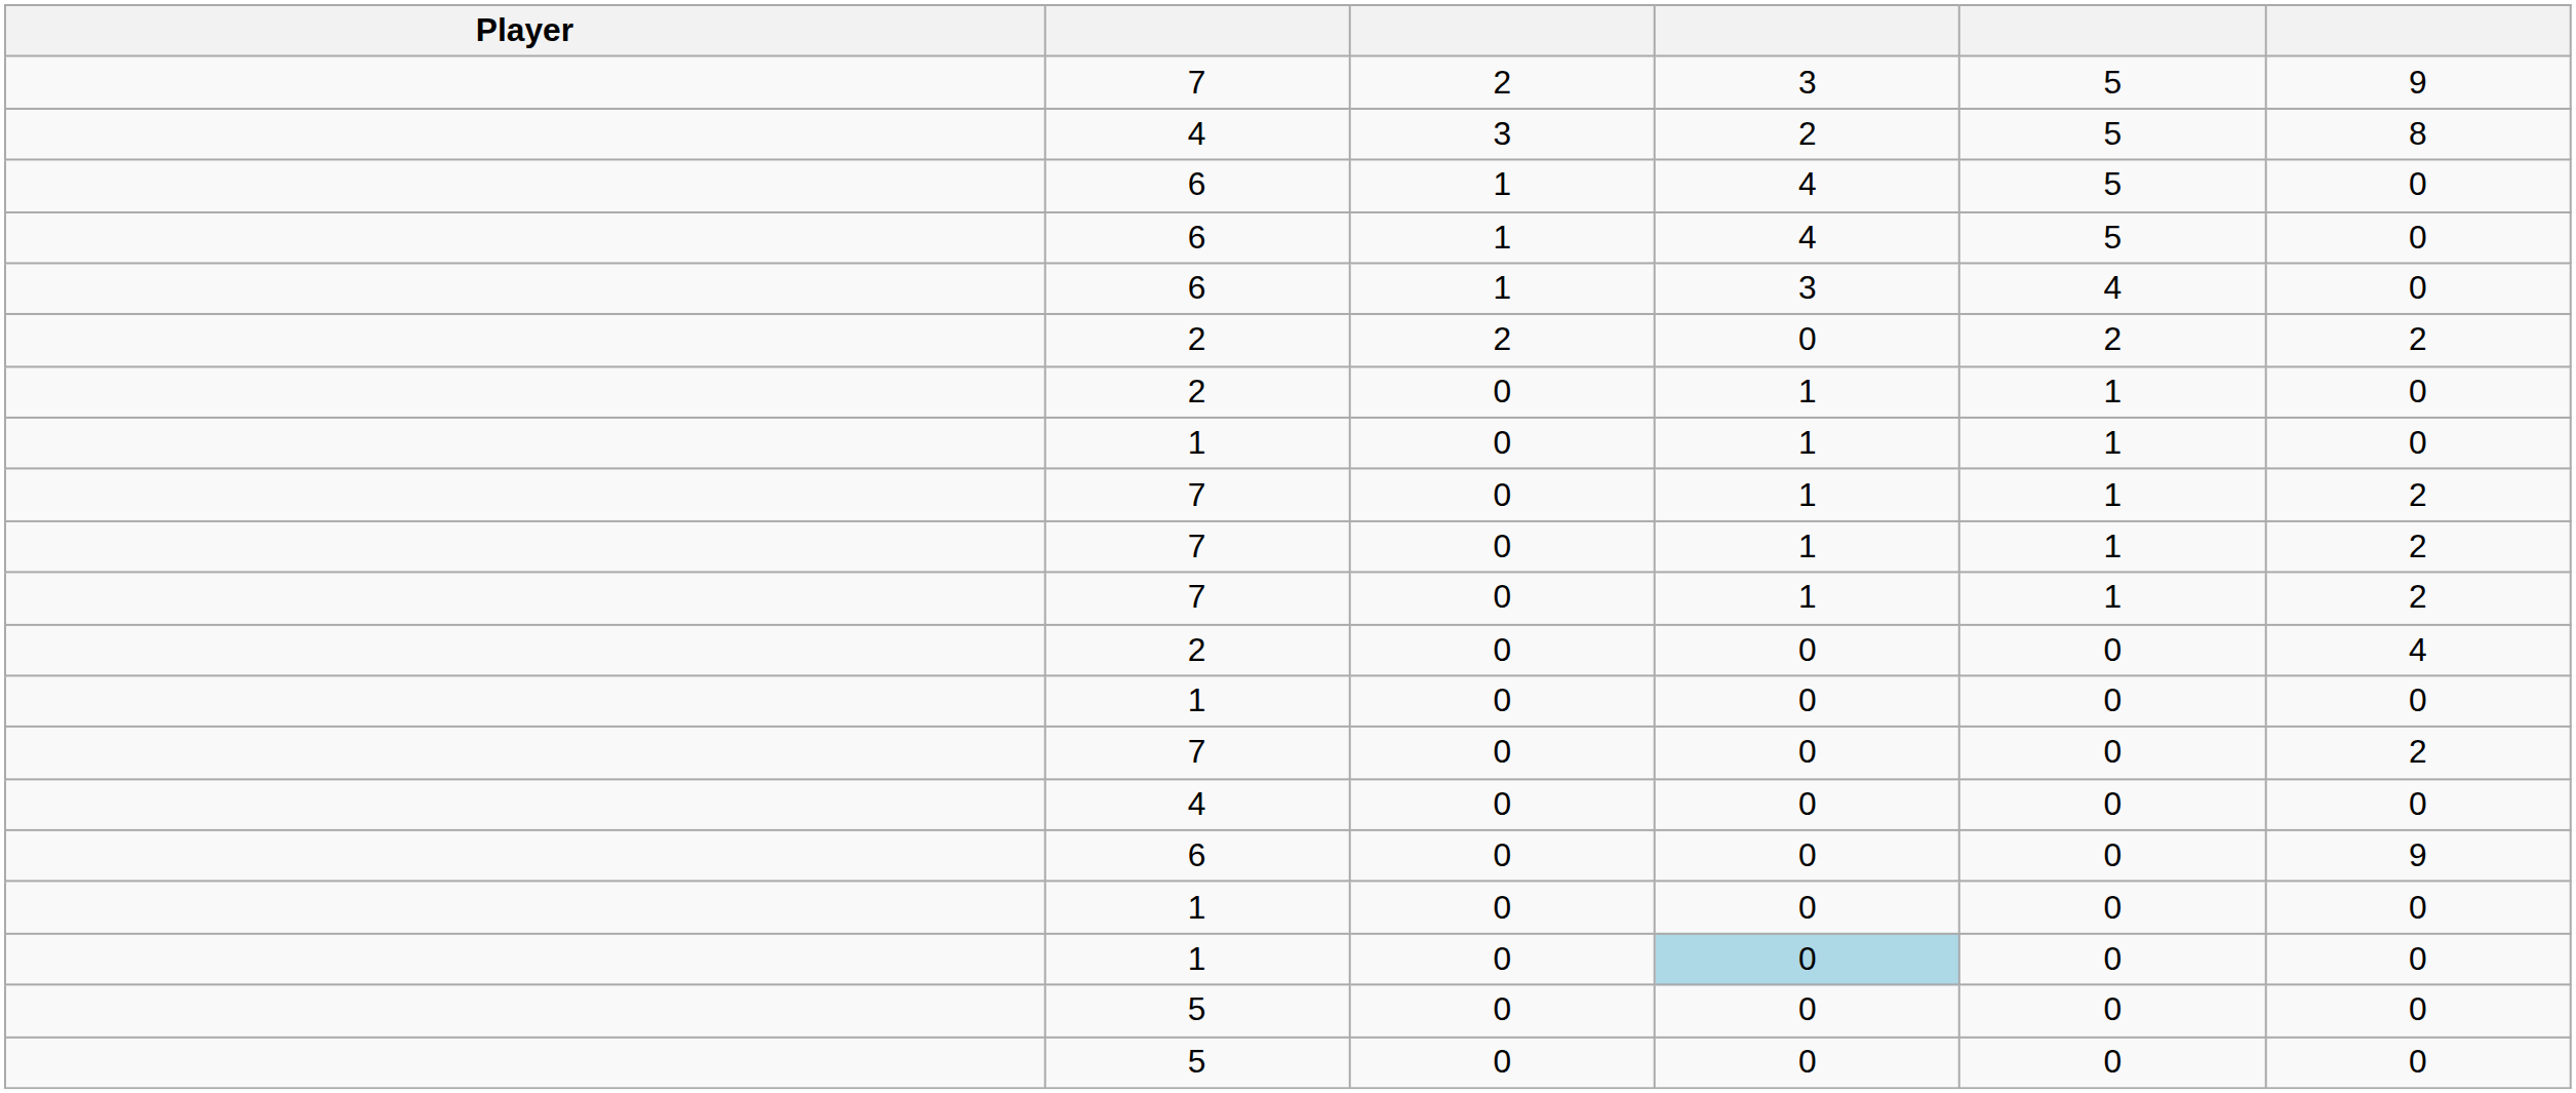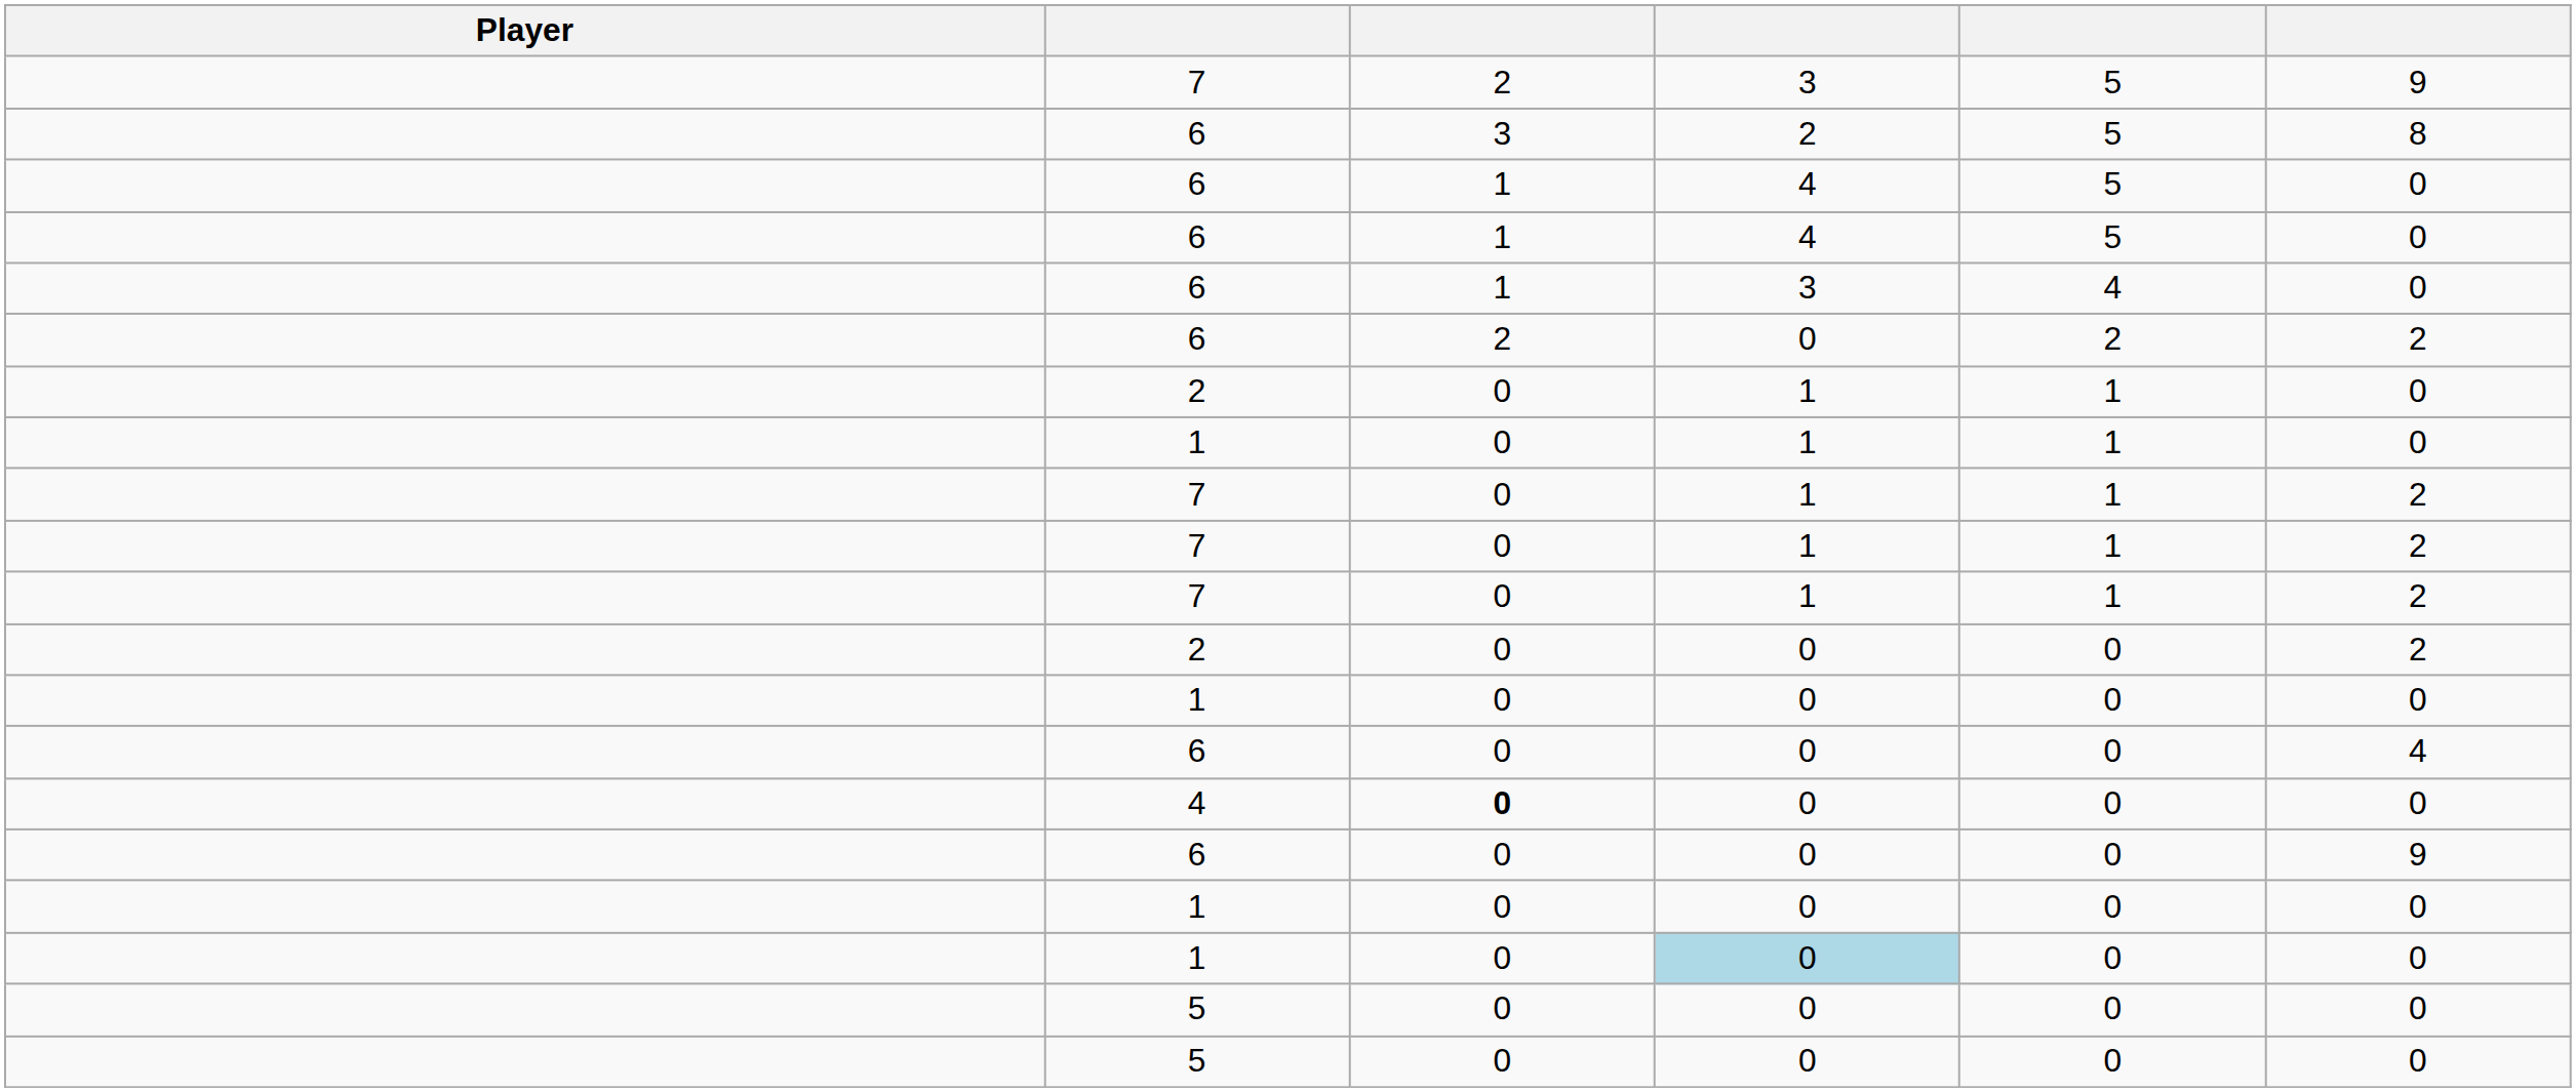 <table class="wikitable sortable" style="width:100%;">
 <tr align=center>
 <th>Player</th>
 <th></th>
 <th></th>
 <th></th>
 <th></th>
 <th></th>
 </tr>
 <tr align=center>
 <td></td>
 <td>7</td>
 <td>2</td>
 <td>3</td>
 <td>5</td>
 <td>9</td>
 </tr>
 <tr align=center>
 <td></td>
-<td>4</td>
+<td>6</td>
 <td>3</td>
 <td>2</td>
 <td>5</td>
 <td>8</td>
 </tr>
 <tr align=center>
 <td></td>
 <td>6</td>
 <td>1</td>
 <td>4</td>
 <td>5</td>
 <td>0</td>
 </tr>
 <tr align=center>
 <td></td>
 <td>6</td>
 <td>1</td>
 <td>4</td>
 <td>5</td>
 <td>0</td>
 </tr>
 <tr align=center>
 <td></td>
 <td>6</td>
 <td>1</td>
 <td>3</td>
 <td>4</td>
 <td>0</td>
 </tr>
 <tr align=center>
 <td></td>
-<td>2</td>
+<td>6</td>
 <td>2</td>
 <td>0</td>
 <td>2</td>
 <td>2</td>
 </tr>
 <tr align=center>
 <td></td>
 <td>2</td>
 <td>0</td>
 <td>1</td>
 <td>1</td>
 <td>0</td>
 </tr>
 <tr align=center>
 <td></td>
 <td>1</td>
 <td>0</td>
 <td>1</td>
 <td>1</td>
 <td>0</td>
 </tr>
 <tr align=center>
 <td></td>
 <td>7</td>
 <td>0</td>
 <td>1</td>
 <td>1</td>
 <td>2</td>
 </tr>
 <tr align=center>
 <td></td>
 <td>7</td>
 <td>0</td>
 <td>1</td>
 <td>1</td>
 <td>2</td>
 </tr>
 <tr align=center>
 <td></td>
 <td>7</td>
 <td>0</td>
 <td>1</td>
 <td>1</td>
 <td>2</td>
 </tr>
 <tr align=center>
 <td></td>
 <td>2</td>
 <td>0</td>
 <td>0</td>
 <td>0</td>
-<td>4</td>
+<td>2</td>
 </tr>
 <tr align=center>
 <td></td>
 <td>1</td>
 <td>0</td>
 <td>0</td>
 <td>0</td>
 <td>0</td>
 </tr>
 <tr align=center>
 <td></td>
-<td>7</td>
+<td>6</td>
 <td>0</td>
 <td>0</td>
 <td>0</td>
-<td>2</td>
+<td>4</td>
 </tr>
 <tr align=center>
 <td></td>
 <td>4</td>
-<td>0</td>
+<td><strong>0</strong></td>
 <td>0</td>
 <td>0</td>
 <td>0</td>
 </tr>
 <tr align=center>
 <td></td>
 <td>6</td>
 <td>0</td>
 <td>0</td>
 <td>0</td>
 <td>9</td>
 </tr>
 <tr align=center>
 <td></td>
 <td>1</td>
 <td>0</td>
 <td>0</td>
 <td>0</td>
 <td>0</td>
 </tr>
 <tr align=center>
 <td></td>
 <td>1</td>
 <td>0</td>
 <td style="background: lightblue;">0</td>
 <td>0</td>
 <td>0</td>
 </tr>
 <tr align=center>
 <td></td>
 <td>5</td>
 <td>0</td>
 <td>0</td>
 <td>0</td>
 <td>0</td>
 </tr>
 <tr align=center>
 <td></td>
 <td>5</td>
 <td>0</td>
 <td>0</td>
 <td>0</td>
 <td>0</td>
 </tr>
 </table>
